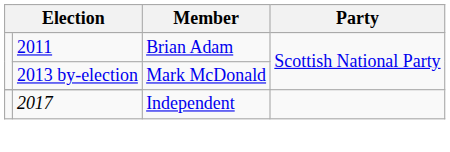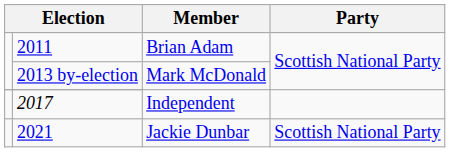 <table class="wikitable">
 <tr>
 <th colspan="2">Election</th>
 <th>Member</th>
 <th>Party</th>
 </tr>
 <tr>
 <td rowspan=2 style="background-color: "></td>
 <td><a href='#'>2011</a></td>
 <td><a href='#'>Brian Adam</a></td>
 <td rowspan=2><a href='#'>Scottish National Party</a></td>
 </tr>
 <tr>
 <td><a href='#'>2013 by-election</a></td>
 <td rowspan=2><a href='#'>Mark McDonald</a></td>
 </tr>
 <tr>
 </tr>
 <tr>
 <td style="background-color: "></td>
 <td><em>2017</em></td>
 <td><a href='#'>Independent</a></td>
 </tr>
+<tr>
+<td style="background-color: "></td>
+<td><a href='#'>2021</a></td>
+<td><a href='#'>Jackie Dunbar</a></td>
+<td><a href='#'>Scottish National Party</a></td>
+</tr>
 </table>
